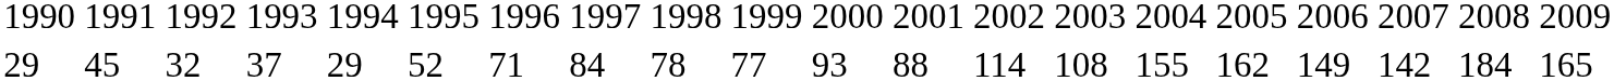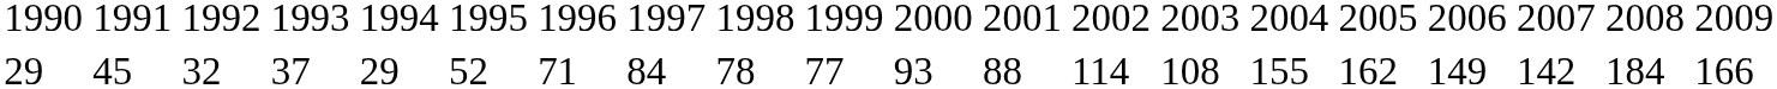 <table>
 <tr>
 <td>1990</td>
 <td>1991</td>
 <td>1992</td>
 <td>1993</td>
 <td>1994</td>
 <td>1995</td>
 <td>1996</td>
 <td>1997</td>
 <td>1998</td>
 <td>1999</td>
 <td>2000</td>
 <td>2001</td>
 <td>2002</td>
 <td>2003</td>
 <td>2004</td>
 <td>2005</td>
 <td>2006</td>
 <td>2007</td>
 <td>2008</td>
 <td>2009</td>
 </tr>
 <tr>
 <td>29</td>
 <td>45</td>
 <td>32</td>
 <td>37</td>
 <td>29</td>
 <td>52</td>
 <td>71</td>
 <td>84</td>
 <td>78</td>
 <td>77</td>
 <td>93</td>
 <td>88</td>
 <td>114</td>
 <td>108</td>
 <td>155</td>
 <td>162</td>
 <td>149</td>
 <td>142</td>
 <td>184</td>
-<td>165</td>
+<td>166</td>
 </tr>
 </table>
